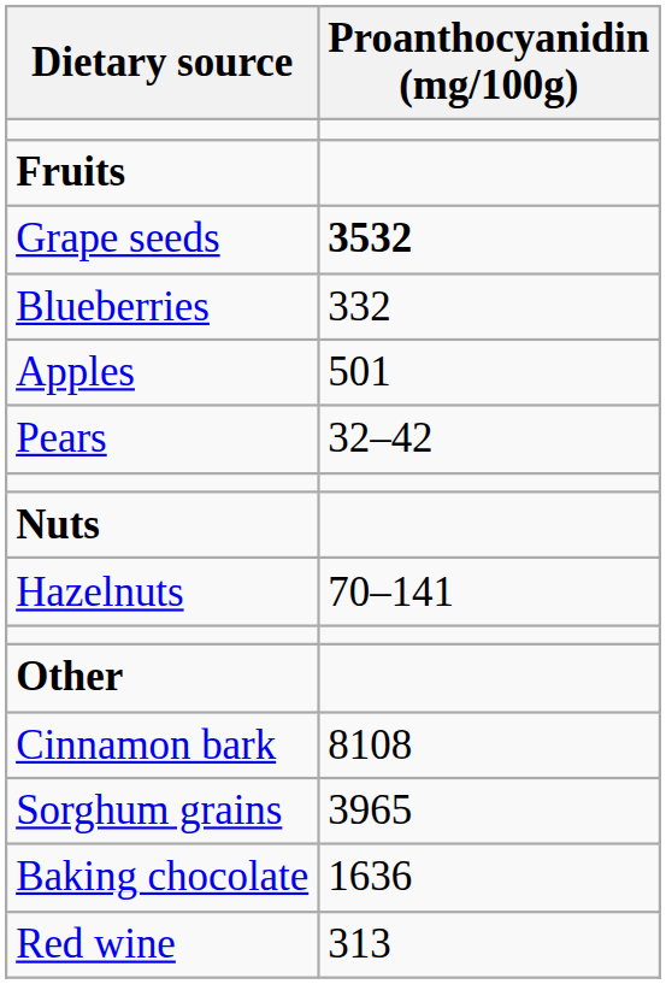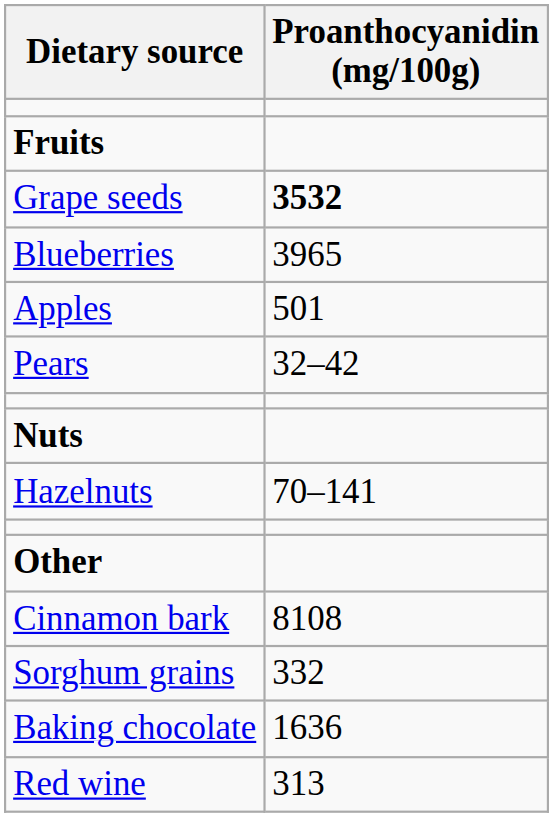 <table class="wikitable">
 <tr>
 <th>Dietary source</th>
 <th>Proanthocyanidin<br>(mg/100g)</th>
 </tr>
 <tr>
 <td></td>
 <td></td>
 </tr>
 <tr>
 <td><strong>Fruits</strong></td>
 <td></td>
 </tr>
 <tr>
 <td><a href='#'>Grape seeds</a></td>
 <td><strong>3532</strong></td>
 </tr>
 <tr>
 <td><a href='#'>Blueberries</a></td>
-<td>332</td>
+<td>3965</td>
 </tr>
 <tr>
 <td><a href='#'>Apples</a></td>
 <td>501</td>
 </tr>
 <tr>
 <td><a href='#'>Pears</a></td>
 <td>32–42</td>
 </tr>
 <tr>
 <td></td>
 <td></td>
 </tr>
 <tr>
 <td><strong>Nuts</strong></td>
 <td></td>
 </tr>
 <tr>
 <td><a href='#'>Hazelnuts</a></td>
 <td>70–141</td>
 </tr>
 <tr>
 <td></td>
 <td></td>
 </tr>
 <tr>
 <td><strong>Other</strong></td>
 <td></td>
 </tr>
 <tr>
 <td><a href='#'>Cinnamon bark</a></td>
 <td>8108</td>
 </tr>
 <tr>
 <td><a href='#'>Sorghum grains</a></td>
-<td>3965</td>
+<td>332</td>
 </tr>
 <tr>
 <td><a href='#'>Baking chocolate</a></td>
 <td>1636</td>
 </tr>
 <tr>
 <td><a href='#'>Red wine</a></td>
 <td>313</td>
 </tr>
 </table>
